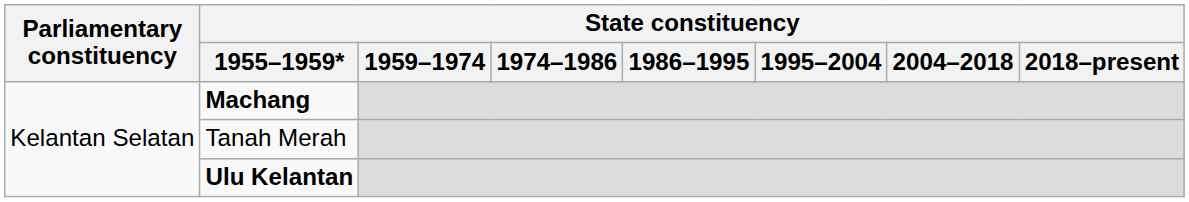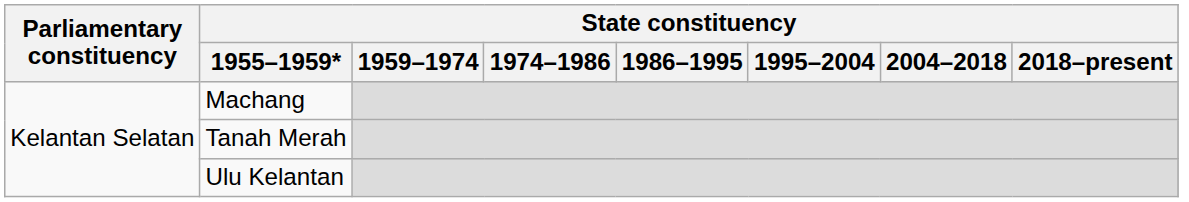 <table class="wikitable">
 <tr>
 <th rowspan="2">Parliamentary<br>constituency</th>
 <th colspan="7">State constituency</th>
 </tr>
 <tr>
 <th>1955–1959*</th>
 <th>1959–1974</th>
 <th>1974–1986</th>
 <th>1986–1995</th>
 <th>1995–2004</th>
 <th>2004–2018</th>
 <th>2018–present</th>
 </tr>
 <tr>
 <td rowspan="3">Kelantan Selatan</td>
-<td><strong>Machang</strong></td>
+<td>Machang</td>
 <td colspan="6" bgcolor="dcdcdc"></td>
 </tr>
 <tr>
 <td>Tanah Merah</td>
 <td colspan="6" bgcolor="dcdcdc"></td>
 </tr>
 <tr>
-<td><strong>Ulu Kelantan</strong></td>
+<td>Ulu Kelantan</td>
 <td colspan="6" bgcolor="dcdcdc"></td>
 </tr>
 </table>
